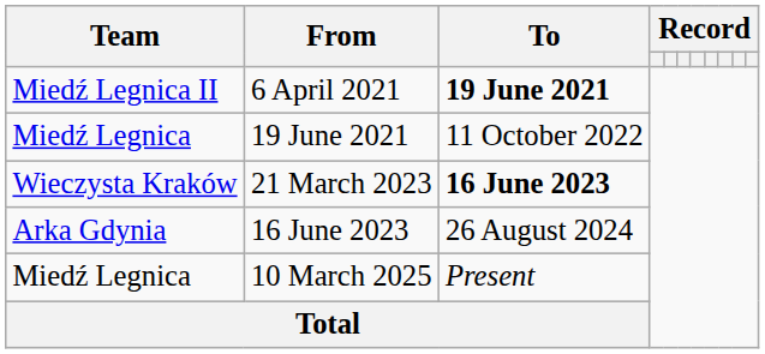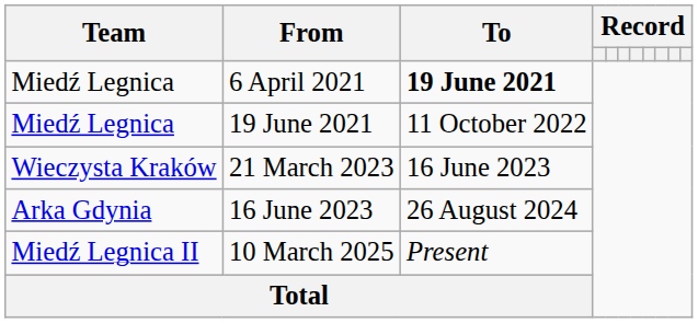 <table class="wikitable" style="text-align: center;">
 <tr>
 <th rowspan="2">Team</th>
 <th rowspan="2">From</th>
 <th rowspan="2">To</th>
 <th colspan="8">Record</th>
 </tr>
 <tr>
 <th></th>
 <th></th>
 <th></th>
 <th></th>
 <th></th>
 <th></th>
 <th></th>
 <th></th>
 </tr>
 <tr>
-<td align=left><a href='#'>Miedź Legnica II</a></td>
+<td align=left>Miedź Legnica</td>
 <td align=left>6 April 2021</td>
 <td align=left><strong>19 June 2021<br></strong></td>
 </tr>
 <tr>
 <td align=left><a href='#'>Miedź Legnica</a></td>
 <td align=left>19 June 2021</td>
 <td align=left>11 October 2022<br></td>
 </tr>
 <tr>
 <td align=left><a href='#'>Wieczysta Kraków</a></td>
 <td align=left>21 March 2023</td>
-<td align=left><strong>16 June 2023<br></strong></td>
+<td align=left>16 June 2023<br></td>
 </tr>
 <tr>
 <td align=left><a href='#'>Arka Gdynia</a></td>
 <td align=left>16 June 2023</td>
 <td align=left>26 August 2024<br></td>
 </tr>
 <tr>
-<td align=left>Miedź Legnica</td>
+<td align=left><a href='#'>Miedź Legnica II</a></td>
 <td align=left>10 March 2025</td>
 <td align=left><em>Present</em><br></td>
 </tr>
 <tr>
 <th colspan="3">Total<br></th>
 </tr>
 </table>
